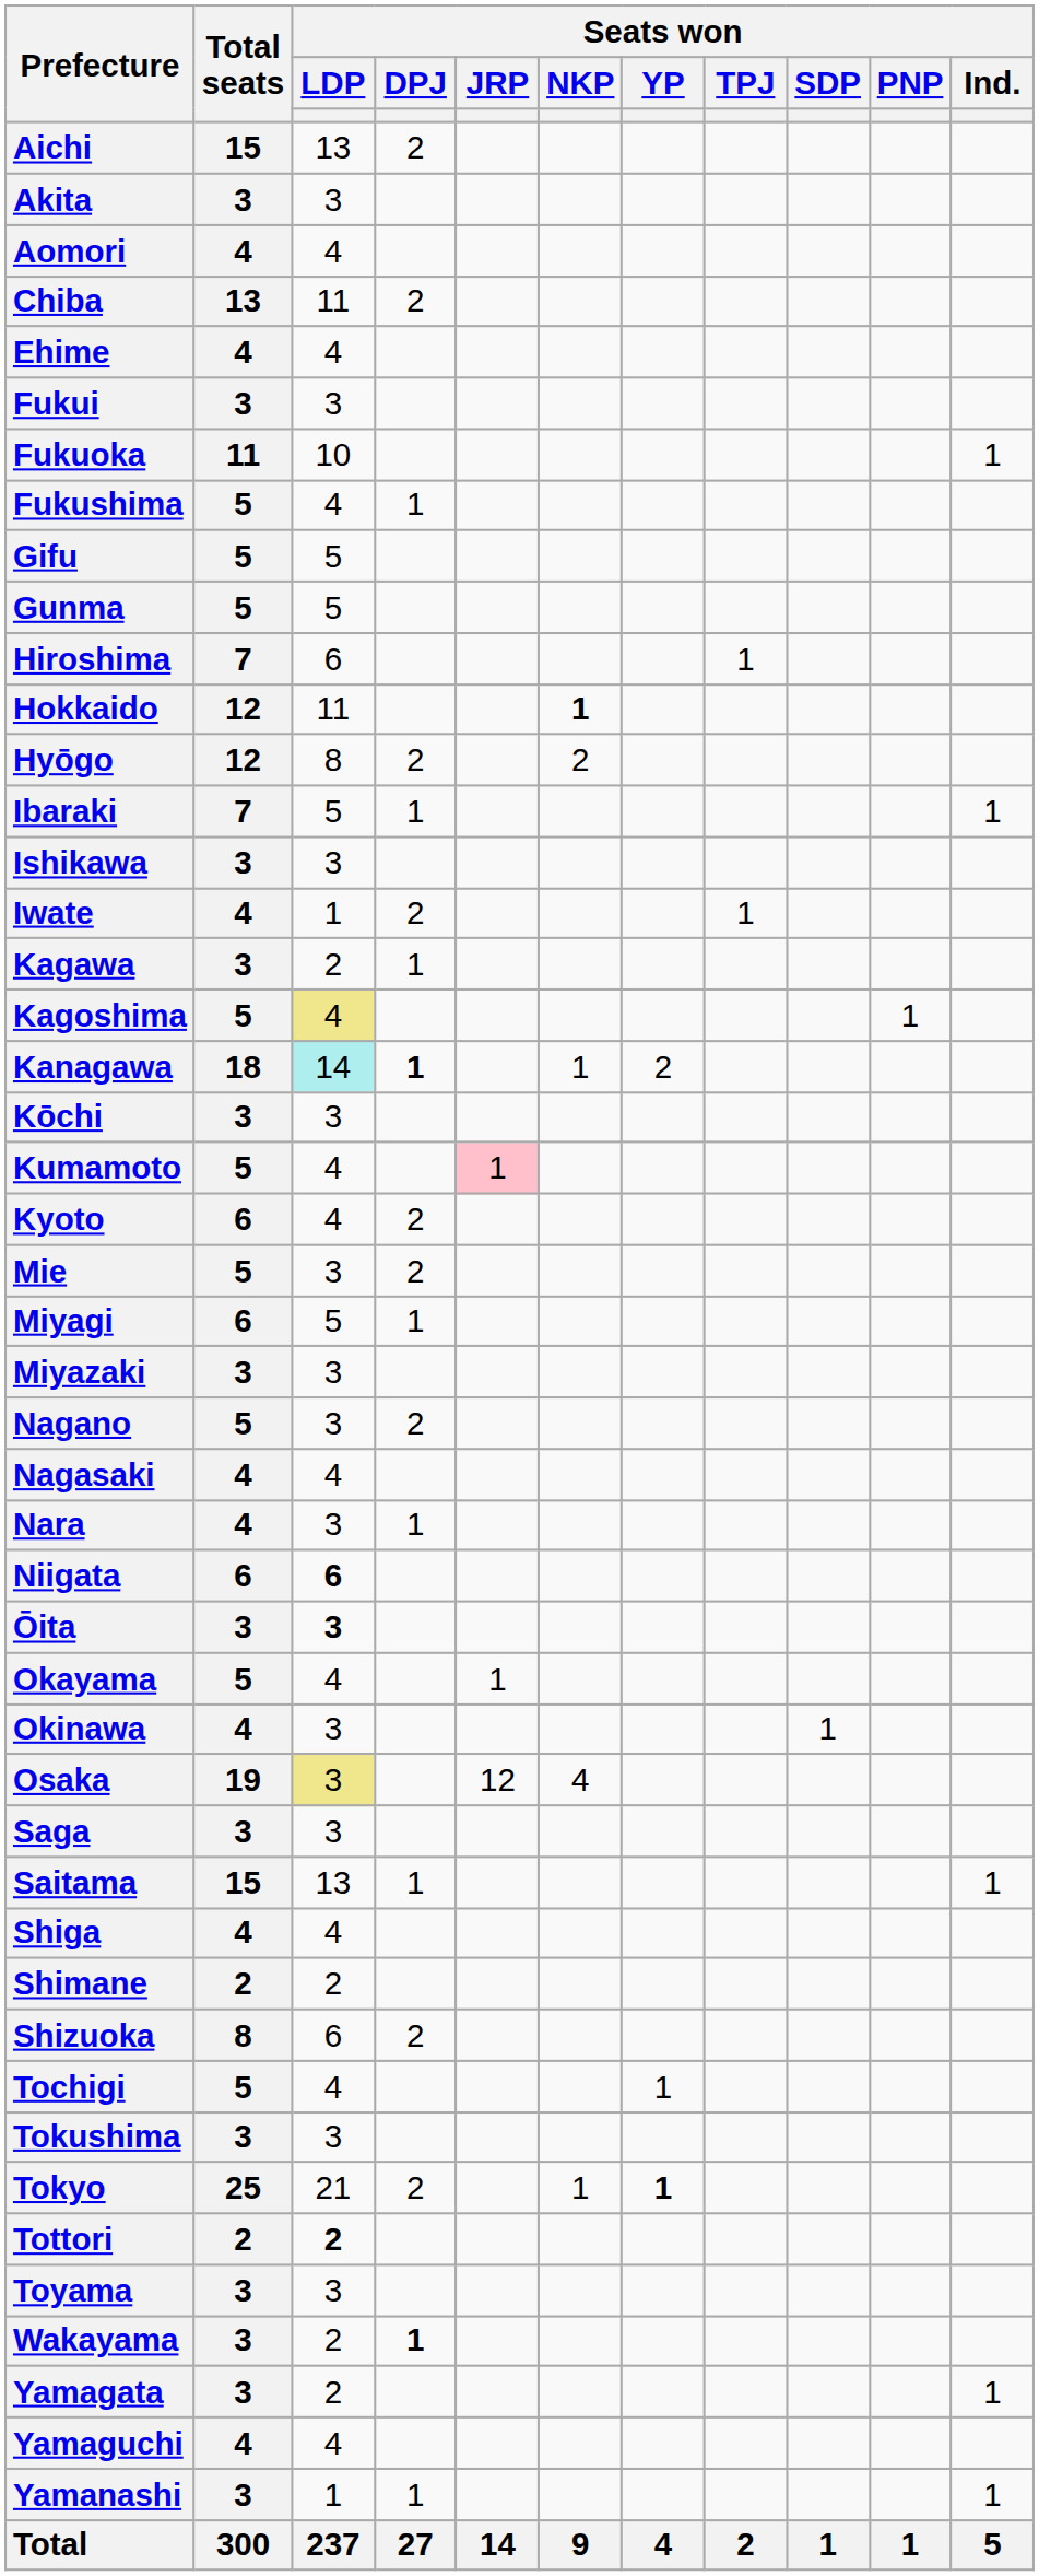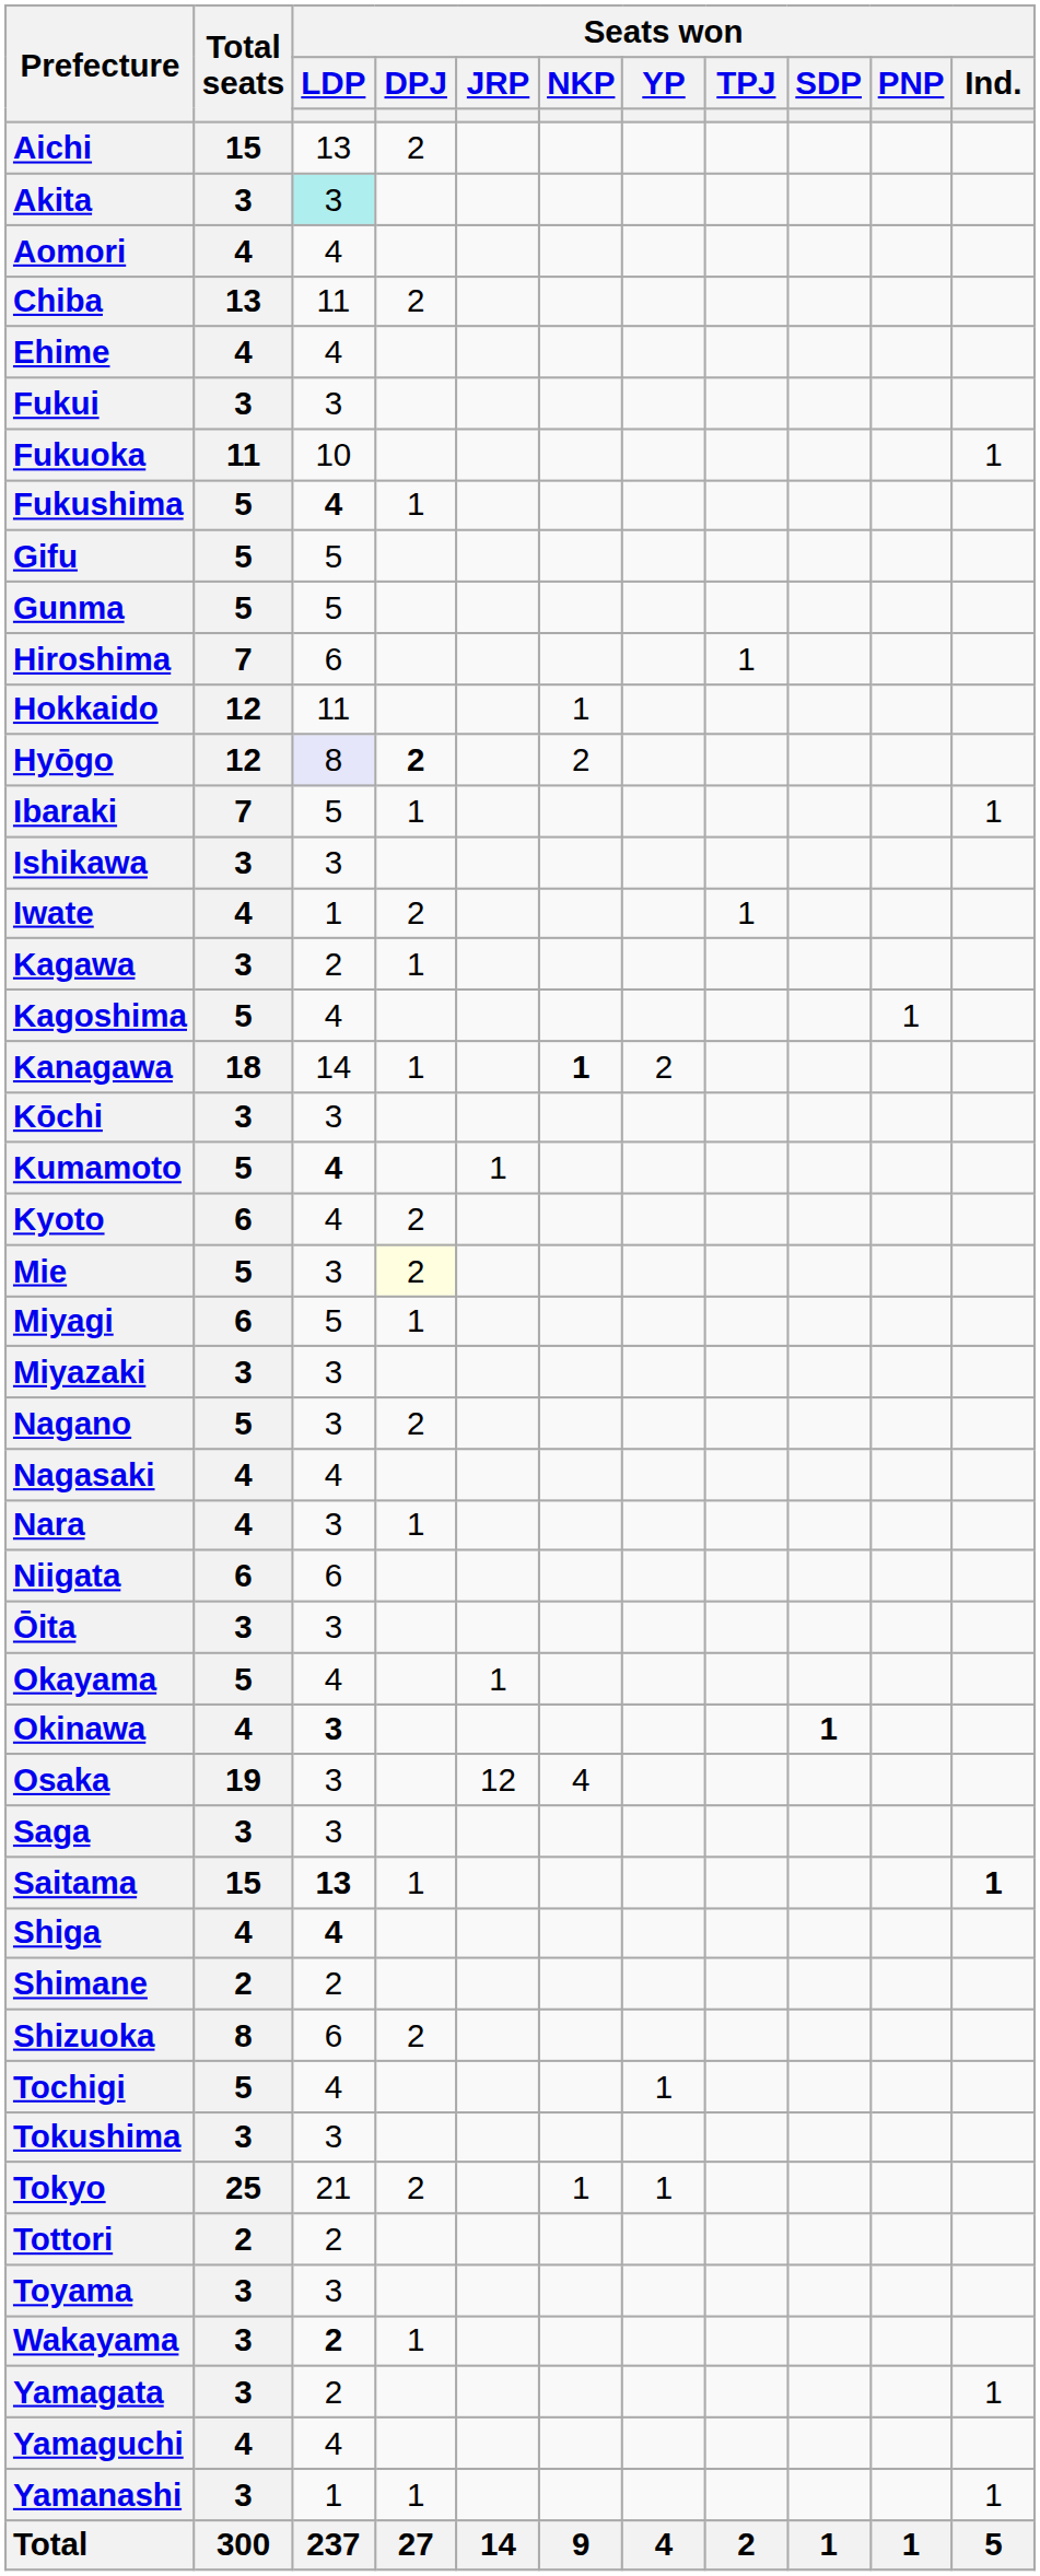 <table class="wikitable" style="text-align:center; font-size: 0.9em;">
 <tr>
 <th rowspan="3">Prefecture</th>
 <th rowspan="3">Total<br>seats</th>
 <th colspan="9">Seats won</th>
 </tr>
 <tr>
 <th class="unsortable" style="width:30px;"><a href='#'>LDP</a></th>
 <th class="unsortable" style="width:30px;"><a href='#'>DPJ</a></th>
 <th class="unsortable" style="width:30px;"><a href='#'>JRP</a></th>
 <th class="unsortable" style="width:30px;"><a href='#'>NKP</a></th>
 <th class="unsortable" style="width:30px;"><a href='#'>YP</a></th>
 <th class="unsortable" style="width:30px;"><a href='#'>TPJ</a></th>
 <th class="unsortable" style="width:30px;"><a href='#'>SDP</a></th>
 <th class="unsortable" style="width:30px;"><a href='#'>PNP</a></th>
 <th class="unsortable" style="width:30px;">Ind.</th>
 </tr>
 <tr>
 <th style="background:"></th>
 <th style="background:"></th>
 <th style="background:"></th>
 <th style="background:"></th>
 <th style="background:"></th>
 <th style="background:"></th>
 <th style="background:"></th>
 <th style="background:"></th>
 <th style="background:"></th>
 </tr>
 <tr>
 <th style="text-align: left;"><a href='#'>Aichi</a></th>
 <th>15</th>
 <td>13</td>
 <td>2</td>
 <td></td>
 <td></td>
 <td></td>
 <td></td>
 <td></td>
 <td></td>
 <td></td>
 </tr>
 <tr>
 <th style="text-align: left;"><a href='#'>Akita</a></th>
 <th>3</th>
-<td>3</td>
+<td style="background: paleturquoise;">3</td>
 <td></td>
 <td></td>
 <td></td>
 <td></td>
 <td></td>
 <td></td>
 <td></td>
 <td></td>
 </tr>
 <tr>
 <th style="text-align: left;"><a href='#'>Aomori</a></th>
 <th>4</th>
 <td>4</td>
 <td></td>
 <td></td>
 <td></td>
 <td></td>
 <td></td>
 <td></td>
 <td></td>
 <td></td>
 </tr>
 <tr>
 <th style="text-align: left;"><a href='#'>Chiba</a></th>
 <th>13</th>
 <td>11</td>
 <td>2</td>
 <td></td>
 <td></td>
 <td></td>
 <td></td>
 <td></td>
 <td></td>
 <td></td>
 </tr>
 <tr>
 <th style="text-align: left;"><a href='#'>Ehime</a></th>
 <th>4</th>
 <td>4</td>
 <td></td>
 <td></td>
 <td></td>
 <td></td>
 <td></td>
 <td></td>
 <td></td>
 <td></td>
 </tr>
 <tr>
 <th style="text-align: left;"><a href='#'>Fukui</a></th>
 <th>3</th>
 <td>3</td>
 <td></td>
 <td></td>
 <td></td>
 <td></td>
 <td></td>
 <td></td>
 <td></td>
 <td></td>
 </tr>
 <tr>
 <th style="text-align: left;"><a href='#'>Fukuoka</a></th>
 <th>11</th>
 <td>10</td>
 <td></td>
 <td></td>
 <td></td>
 <td></td>
 <td></td>
 <td></td>
 <td></td>
 <td>1</td>
 </tr>
 <tr>
 <th style="text-align: left;"><a href='#'>Fukushima</a></th>
 <th>5</th>
-<td>4</td>
+<td><strong>4</strong></td>
 <td>1</td>
 <td></td>
 <td></td>
 <td></td>
 <td></td>
 <td></td>
 <td></td>
 <td></td>
 </tr>
 <tr>
 <th style="text-align: left;"><a href='#'>Gifu</a></th>
 <th>5</th>
 <td>5</td>
 <td></td>
 <td></td>
 <td></td>
 <td></td>
 <td></td>
 <td></td>
 <td></td>
 <td></td>
 </tr>
 <tr>
 <th style="text-align: left;"><a href='#'>Gunma</a></th>
 <th>5</th>
 <td>5</td>
 <td></td>
 <td></td>
 <td></td>
 <td></td>
 <td></td>
 <td></td>
 <td></td>
 <td></td>
 </tr>
 <tr>
 <th style="text-align: left;"><a href='#'>Hiroshima</a></th>
 <th>7</th>
 <td>6</td>
 <td></td>
 <td></td>
 <td></td>
 <td></td>
 <td>1</td>
 <td></td>
 <td></td>
 <td></td>
 </tr>
 <tr>
 <th style="text-align: left;"><a href='#'>Hokkaido</a></th>
 <th>12</th>
 <td>11</td>
 <td></td>
 <td></td>
-<td><strong>1</strong></td>
+<td>1</td>
 <td></td>
 <td></td>
 <td></td>
 <td></td>
 <td></td>
 </tr>
 <tr>
 <th style="text-align: left;"><a href='#'>Hyōgo</a></th>
 <th>12</th>
-<td>8</td>
-<td>2</td>
+<td style="background: lavender;">8</td>
+<td><strong>2</strong></td>
 <td></td>
 <td>2</td>
 <td></td>
 <td></td>
 <td></td>
 <td></td>
 <td></td>
 </tr>
 <tr>
 <th style="text-align: left;"><a href='#'>Ibaraki</a></th>
 <th>7</th>
 <td>5</td>
 <td>1</td>
 <td></td>
 <td></td>
 <td></td>
 <td></td>
 <td></td>
 <td></td>
 <td>1</td>
 </tr>
 <tr>
 <th style="text-align: left;"><a href='#'>Ishikawa</a></th>
 <th>3</th>
 <td>3</td>
 <td></td>
 <td></td>
 <td></td>
 <td></td>
 <td></td>
 <td></td>
 <td></td>
 <td></td>
 </tr>
 <tr>
 <th style="text-align: left;"><a href='#'>Iwate</a></th>
 <th>4</th>
 <td>1</td>
 <td>2</td>
 <td></td>
 <td></td>
 <td></td>
 <td>1</td>
 <td></td>
 <td></td>
 <td></td>
 </tr>
 <tr>
 <th style="text-align: left;"><a href='#'>Kagawa</a></th>
 <th>3</th>
 <td>2</td>
 <td>1</td>
 <td></td>
 <td></td>
 <td></td>
 <td></td>
 <td></td>
 <td></td>
 <td></td>
 </tr>
 <tr>
 <th style="text-align: left;"><a href='#'>Kagoshima</a></th>
 <th>5</th>
-<td style="background: khaki;">4</td>
+<td>4</td>
 <td></td>
 <td></td>
 <td></td>
 <td></td>
 <td></td>
 <td></td>
 <td>1</td>
 <td></td>
 </tr>
 <tr>
 <th style="text-align: left;"><a href='#'>Kanagawa</a></th>
 <th>18</th>
-<td style="background: paleturquoise;">14</td>
+<td>14</td>
+<td>1</td>
+<td></td>
 <td><strong>1</strong></td>
-<td></td>
-<td>1</td>
 <td>2</td>
 <td></td>
 <td></td>
 <td></td>
 <td></td>
 </tr>
 <tr>
 <th style="text-align: left;"><a href='#'>Kōchi</a></th>
 <th>3</th>
 <td>3</td>
 <td></td>
 <td></td>
 <td></td>
 <td></td>
 <td></td>
 <td></td>
 <td></td>
 <td></td>
 </tr>
 <tr>
 <th style="text-align: left;"><a href='#'>Kumamoto</a></th>
 <th>5</th>
-<td>4</td>
+<td><strong>4</strong></td>
 <td></td>
-<td style="background: pink;">1</td>
+<td>1</td>
 <td></td>
 <td></td>
 <td></td>
 <td></td>
 <td></td>
 <td></td>
 </tr>
 <tr>
 <th style="text-align: left;"><a href='#'>Kyoto</a></th>
 <th>6</th>
 <td>4</td>
 <td>2</td>
 <td></td>
 <td></td>
 <td></td>
 <td></td>
 <td></td>
 <td></td>
 <td></td>
 </tr>
 <tr>
 <th style="text-align: left;"><a href='#'>Mie</a></th>
 <th>5</th>
 <td>3</td>
-<td>2</td>
+<td style="background: lightyellow;">2</td>
 <td></td>
 <td></td>
 <td></td>
 <td></td>
 <td></td>
 <td></td>
 <td></td>
 </tr>
 <tr>
 <th style="text-align: left;"><a href='#'>Miyagi</a></th>
 <th>6</th>
 <td>5</td>
 <td>1</td>
 <td></td>
 <td></td>
 <td></td>
 <td></td>
 <td></td>
 <td></td>
 <td></td>
 </tr>
 <tr>
 <th style="text-align: left;"><a href='#'>Miyazaki</a></th>
 <th>3</th>
 <td>3</td>
 <td></td>
 <td></td>
 <td></td>
 <td></td>
 <td></td>
 <td></td>
 <td></td>
 <td></td>
 </tr>
 <tr>
 <th style="text-align: left;"><a href='#'>Nagano</a></th>
 <th>5</th>
 <td>3</td>
 <td>2</td>
 <td></td>
 <td></td>
 <td></td>
 <td></td>
 <td></td>
 <td></td>
 <td></td>
 </tr>
 <tr>
 <th style="text-align: left;"><a href='#'>Nagasaki</a></th>
 <th>4</th>
 <td>4</td>
 <td></td>
 <td></td>
 <td></td>
 <td></td>
 <td></td>
 <td></td>
 <td></td>
 <td></td>
 </tr>
 <tr>
 <th style="text-align: left;"><a href='#'>Nara</a></th>
 <th>4</th>
 <td>3</td>
 <td>1</td>
 <td></td>
 <td></td>
 <td></td>
 <td></td>
 <td></td>
 <td></td>
 <td></td>
 </tr>
 <tr>
 <th style="text-align: left;"><a href='#'>Niigata</a></th>
 <th>6</th>
-<td><strong>6</strong></td>
+<td>6</td>
 <td></td>
 <td></td>
 <td></td>
 <td></td>
 <td></td>
 <td></td>
 <td></td>
 <td></td>
 </tr>
 <tr>
 <th style="text-align: left;"><a href='#'>Ōita</a></th>
 <th>3</th>
-<td><strong>3</strong></td>
+<td>3</td>
 <td></td>
 <td></td>
 <td></td>
 <td></td>
 <td></td>
 <td></td>
 <td></td>
 <td></td>
 </tr>
 <tr>
 <th style="text-align: left;"><a href='#'>Okayama</a></th>
 <th>5</th>
 <td>4</td>
 <td></td>
 <td>1</td>
 <td></td>
 <td></td>
 <td></td>
 <td></td>
 <td></td>
 <td></td>
 </tr>
 <tr>
 <th style="text-align: left;"><a href='#'>Okinawa</a></th>
 <th>4</th>
-<td>3</td>
+<td><strong>3</strong></td>
 <td></td>
 <td></td>
 <td></td>
 <td></td>
 <td></td>
-<td>1</td>
+<td><strong>1</strong></td>
 <td></td>
 <td></td>
 </tr>
 <tr>
 <th style="text-align: left;"><a href='#'>Osaka</a></th>
 <th>19</th>
-<td style="background: khaki;">3</td>
+<td>3</td>
 <td></td>
 <td>12</td>
 <td>4</td>
 <td></td>
 <td></td>
 <td></td>
 <td></td>
 <td></td>
 </tr>
 <tr>
 <th style="text-align: left;"><a href='#'>Saga</a></th>
 <th>3</th>
 <td>3</td>
 <td></td>
 <td></td>
 <td></td>
 <td></td>
 <td></td>
 <td></td>
 <td></td>
 <td></td>
 </tr>
 <tr>
 <th style="text-align: left;"><a href='#'>Saitama</a></th>
 <th>15</th>
-<td>13</td>
+<td><strong>13</strong></td>
 <td>1</td>
 <td></td>
 <td></td>
 <td></td>
 <td></td>
 <td></td>
 <td></td>
-<td>1</td>
+<td><strong>1</strong></td>
 </tr>
 <tr>
 <th style="text-align: left;"><a href='#'>Shiga</a></th>
 <th>4</th>
-<td>4</td>
+<td><strong>4</strong></td>
 <td></td>
 <td></td>
 <td></td>
 <td></td>
 <td></td>
 <td></td>
 <td></td>
 <td></td>
 </tr>
 <tr>
 <th style="text-align: left;"><a href='#'>Shimane</a></th>
 <th>2</th>
 <td>2</td>
 <td></td>
 <td></td>
 <td></td>
 <td></td>
 <td></td>
 <td></td>
 <td></td>
 <td></td>
 </tr>
 <tr>
 <th style="text-align: left;"><a href='#'>Shizuoka</a></th>
 <th>8</th>
 <td>6</td>
 <td>2</td>
 <td></td>
 <td></td>
 <td></td>
 <td></td>
 <td></td>
 <td></td>
 <td></td>
 </tr>
 <tr>
 <th style="text-align: left;"><a href='#'>Tochigi</a></th>
 <th>5</th>
 <td>4</td>
 <td></td>
 <td></td>
 <td></td>
 <td>1</td>
 <td></td>
 <td></td>
 <td></td>
 <td></td>
 </tr>
 <tr>
 <th style="text-align: left;"><a href='#'>Tokushima</a></th>
 <th>3</th>
 <td>3</td>
 <td></td>
 <td></td>
 <td></td>
 <td></td>
 <td></td>
 <td></td>
 <td></td>
 <td></td>
 </tr>
 <tr>
 <th style="text-align: left;"><a href='#'>Tokyo</a></th>
 <th>25</th>
 <td>21</td>
 <td>2</td>
 <td></td>
 <td>1</td>
-<td><strong>1</strong></td>
+<td>1</td>
 <td></td>
 <td></td>
 <td></td>
 <td></td>
 </tr>
 <tr>
 <th style="text-align: left;"><a href='#'>Tottori</a></th>
 <th>2</th>
-<td><strong>2</strong></td>
+<td>2</td>
 <td></td>
 <td></td>
 <td></td>
 <td></td>
 <td></td>
 <td></td>
 <td></td>
 <td></td>
 </tr>
 <tr>
 <th style="text-align: left;"><a href='#'>Toyama</a></th>
 <th>3</th>
 <td>3</td>
 <td></td>
 <td></td>
 <td></td>
 <td></td>
 <td></td>
 <td></td>
 <td></td>
 <td></td>
 </tr>
 <tr>
 <th style="text-align: left;"><a href='#'>Wakayama</a></th>
 <th>3</th>
-<td>2</td>
-<td><strong>1</strong></td>
+<td><strong>2</strong></td>
+<td>1</td>
 <td></td>
 <td></td>
 <td></td>
 <td></td>
 <td></td>
 <td></td>
 <td></td>
 </tr>
 <tr>
 <th style="text-align: left;"><a href='#'>Yamagata</a></th>
 <th>3</th>
 <td>2</td>
 <td></td>
 <td></td>
 <td></td>
 <td></td>
 <td></td>
 <td></td>
 <td></td>
 <td>1</td>
 </tr>
 <tr>
 <th style="text-align: left;"><a href='#'>Yamaguchi</a></th>
 <th>4</th>
 <td>4</td>
 <td></td>
 <td></td>
 <td></td>
 <td></td>
 <td></td>
 <td></td>
 <td></td>
 <td></td>
 </tr>
 <tr>
 <th style="text-align: left;"><a href='#'>Yamanashi</a></th>
 <th>3</th>
 <td>1</td>
 <td>1</td>
 <td></td>
 <td></td>
 <td></td>
 <td></td>
 <td></td>
 <td></td>
 <td>1</td>
 </tr>
 <tr class="sortbottom">
 <th style="text-align: left;">Total</th>
 <th>300</th>
 <th>237</th>
 <th>27</th>
 <th>14</th>
 <th>9</th>
 <th>4</th>
 <th>2</th>
 <th>1</th>
 <th>1</th>
 <th>5</th>
 </tr>
 </table>
